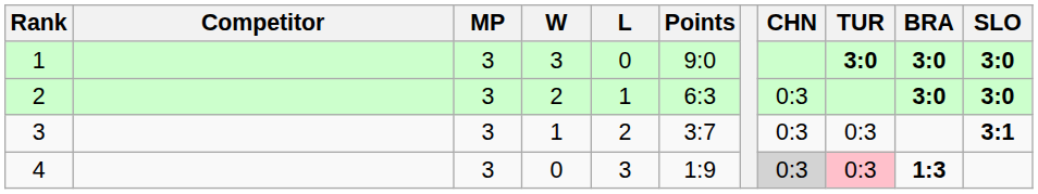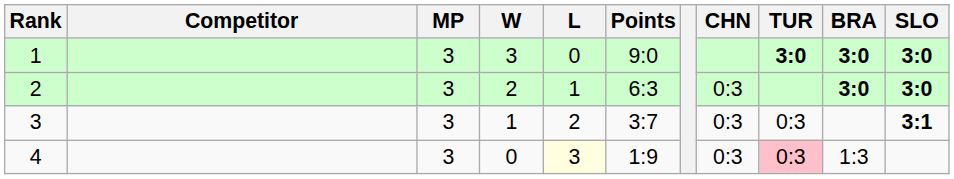 <table class="wikitable" style="text-align:center">
 <tr>
 <th>Rank</th>
 <th style="width:16em">Competitor</th>
 <th style="width:2.5em">MP</th>
 <th style="width:2.5em">W</th>
 <th style="width:2.5em">L</th>
 <th>Points</th>
 <th rowspan="5"> </th>
 <th style="width:2.5em">CHN</th>
 <th style="width:2.5em">TUR</th>
 <th style="width:2.5em">BRA</th>
 <th style="width:2.5em">SLO</th>
 </tr>
 <tr style="background:#cfc;">
 <td>1</td>
 <td style="text-align:left"></td>
 <td>3</td>
 <td>3</td>
 <td>0</td>
 <td>9:0</td>
 <td></td>
 <td><strong>3:0</strong></td>
 <td><strong>3:0</strong></td>
 <td><strong>3:0</strong></td>
 </tr>
 <tr style="background:#cfc;">
 <td>2</td>
 <td style="text-align:left"></td>
 <td>3</td>
 <td>2</td>
 <td>1</td>
 <td>6:3</td>
 <td>0:3</td>
 <td></td>
 <td><strong>3:0</strong></td>
 <td><strong>3:0</strong></td>
 </tr>
 <tr>
 <td>3</td>
 <td style="text-align:left"></td>
 <td>3</td>
 <td>1</td>
 <td>2</td>
 <td>3:7</td>
 <td>0:3</td>
 <td>0:3</td>
 <td></td>
 <td><strong>3:1</strong></td>
 </tr>
 <tr>
 <td>4</td>
 <td style="text-align:left"></td>
 <td>3</td>
 <td>0</td>
-<td>3</td>
+<td style="background: lightyellow;">3</td>
 <td>1:9</td>
-<td style="background: lightgrey;">0:3</td>
+<td>0:3</td>
 <td style="background: pink;">0:3</td>
-<td><strong>1:3</strong></td>
+<td>1:3</td>
 <td></td>
 </tr>
 </table>
